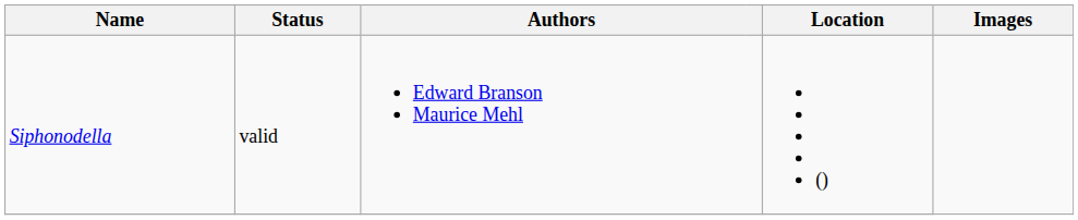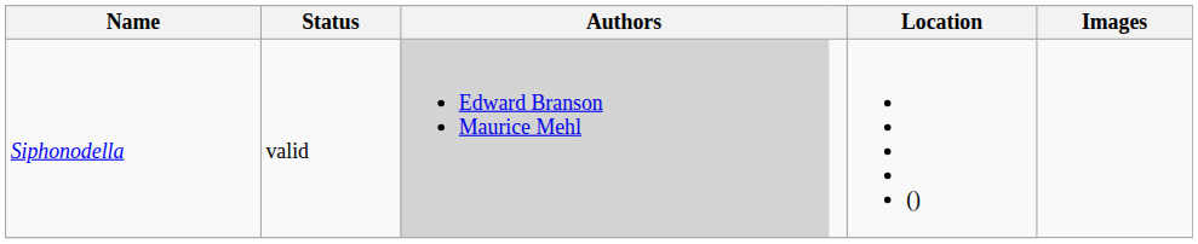 <table class="wikitable sortable" align="center" width="100%">
 <tr>
 <th>Name</th>
 <th>Status</th>
 <th colspan="2">Authors</th>
 <th class="unsortable">Location</th>
 <th class="unsortable">Images</th>
 </tr>
 <tr>
 <td><br><em><a href='#'>Siphonodella</a></em></td>
 <td><br>valid</td>
-<td style="border-right:0px" valign="top"><br><ul><li><a href='#'>Edward Branson</a></li><li><a href='#'>Maurice Mehl</a></li></ul></td>
+<td style="background: lightgrey; border-right:0px" valign="top"><br><ul><li><a href='#'>Edward Branson</a></li><li><a href='#'>Maurice Mehl</a></li></ul></td>
 <td style="border-left:0px" valign="top"></td>
 <td><br><ul><li></li><li></li><li></li><li></li><li> ()</li></ul></td>
 </tr>
 <tr>
 </tr>
 </table>
